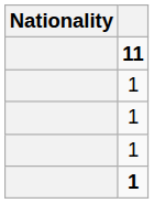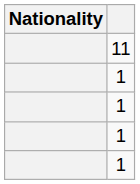 <table class="wikitable plainrowheaders">
 <tr>
 <th scope="col">Nationality</th>
 <th scope="col"></th>
 </tr>
 <tr>
 <th scope="row"></th>
-<td style="text-align:center"><strong>11</strong></td>
+<td style="text-align:center">11</td>
 </tr>
 <tr>
 <th scope="row"></th>
 <td style="text-align:center">1</td>
 </tr>
 <tr>
 <th scope="row"></th>
 <td style="text-align:center">1</td>
 </tr>
 <tr>
 <th scope="row"></th>
 <td style="text-align:center">1</td>
 </tr>
 <tr>
 <th scope="row"></th>
-<td style="text-align:center"><strong>1</strong></td>
+<td style="text-align:center">1</td>
 </tr>
 </table>
